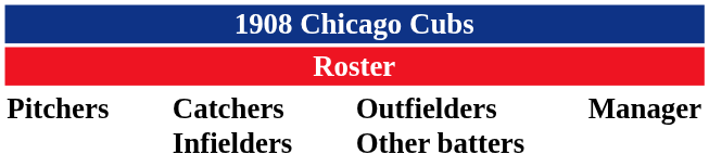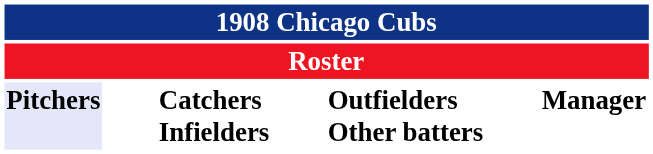 <table class="toccolours" style="font-size: 95%;">
 <tr>
 <th colspan="10" style="background-color: #0e3386; color: white; text-align: center;">1908 Chicago Cubs</th>
 </tr>
 <tr>
 <td colspan="10" style="background-color: #EE1422; color: white; text-align: center;"><strong>Roster</strong></td>
 </tr>
 <tr>
-<td valign="top"><strong>Pitchers</strong><br>         </td>
+<td valign="top" style="background: lavender;"><strong>Pitchers</strong><br>         </td>
 <td width="25px"></td>
 <td valign="top"><strong>Catchers</strong><br>   <strong>Infielders</strong>     </td>
 <td width="25px"></td>
 <td valign="top"><strong>Outfielders</strong><br>       <strong>Other batters</strong> </td>
 <td width="25px"></td>
 <td valign="top"><strong>Manager</strong><br></td>
 </tr>
 </table>
